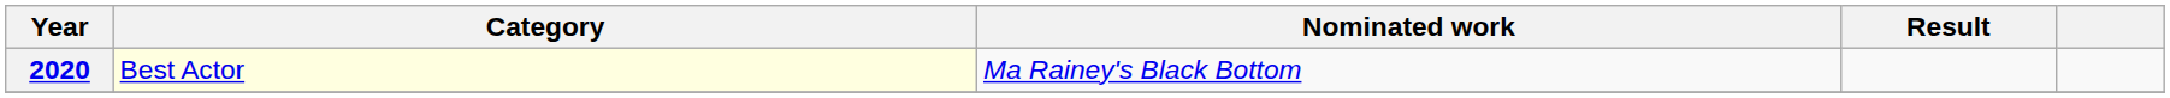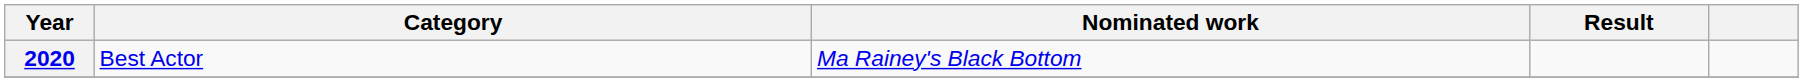 <table class="wikitable plainrowheaders" style="width:100%;">
 <tr>
 <th scope="col" style="width:5%;">Year</th>
 <th scope="col" style="width:40%;">Category</th>
 <th scope="col" style="width:40%;">Nominated work</th>
 <th scope="col" style="width:10%;">Result</th>
 <th scope="col" style="width:5%;"></th>
 </tr>
 <tr>
 <th scope="row" style="text-align:center;"><a href='#'>2020</a></th>
-<td style="background: lightyellow;"><a href='#'>Best Actor</a></td>
+<td><a href='#'>Best Actor</a></td>
 <td><em><a href='#'>Ma Rainey's Black Bottom</a></em></td>
 <td></td>
 <td style="text-align:center;"></td>
 </tr>
 <tr>
 </tr>
 </table>
